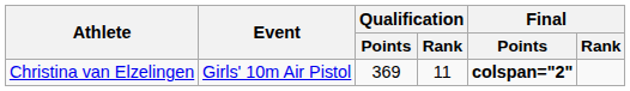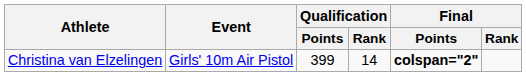 <table class="wikitable" style="font-size:90%;">
 <tr>
 <th rowspan=2>Athlete</th>
 <th rowspan=2>Event</th>
 <th colspan=2>Qualification</th>
 <th colspan=2>Final</th>
 </tr>
 <tr style="font-size:95%">
 <th>Points</th>
 <th>Rank</th>
 <th>Points</th>
 <th>Rank</th>
 </tr>
 <tr align=center>
 <td align=left><a href='#'>Christina van Elzelingen</a></td>
 <td align=left><a href='#'>Girls' 10m Air Pistol</a></td>
-<td>369</td>
-<td>11</td>
+<td>399</td>
+<td>14</td>
 <td><strong>colspan="2" </strong></td>
 </tr>
 </table>
